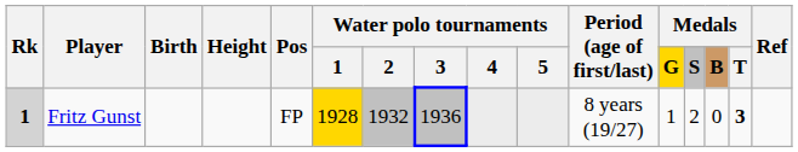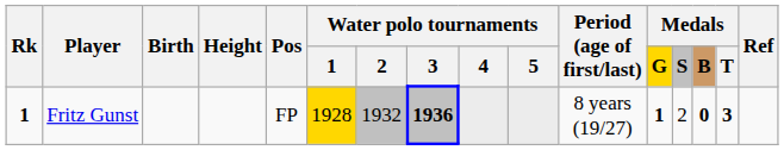 <table class="wikitable sortable" style="text-align: center; font-size: 90%; margin-left: 1em;">
 <tr>
 <th rowspan="2">Rk</th>
 <th rowspan="2">Player</th>
 <th rowspan="2">Birth</th>
 <th rowspan="2">Height</th>
 <th rowspan="2">Pos</th>
 <th colspan="5">Water polo tournaments</th>
 <th rowspan="2">Period<br>(age of<br>first/last)</th>
 <th colspan="4">Medals</th>
 <th rowspan="2" class="unsortable">Ref</th>
 </tr>
 <tr>
 <th>1</th>
 <th style="width: 2em;" class="unsortable">2</th>
 <th style="width: 2em;" class="unsortable">3</th>
 <th style="width: 2em;" class="unsortable">4</th>
 <th style="width: 2em;" class="unsortable">5</th>
 <th style="background-color: gold;">G</th>
 <th style="background-color: silver;">S</th>
 <th style="background-color: #cc9966;">B</th>
 <th>T</th>
 </tr>
 <tr>
-<td style="background: lightgrey;"><strong>1</strong></td>
+<td><strong>1</strong></td>
 <td style="text-align: left;" data-sort-value="Gunst, Fritz"><a href='#'>Fritz Gunst</a></td>
 <td></td>
 <td></td>
 <td>FP</td>
 <td style="background-color: gold;">1928</td>
 <td style="background-color: silver;">1932</td>
-<td style="border: 2px solid blue; background-color: silver;">1936</td>
+<td style="border: 2px solid blue; background-color: silver;"><strong>1936</strong></td>
 <td style="background-color: #ececec;"></td>
 <td style="background-color: #ececec;"></td>
 <td>8 years<br>(19/27)</td>
-<td>1</td>
+<td><strong>1</strong></td>
 <td>2</td>
-<td>0</td>
+<td><strong>0</strong></td>
 <td><strong>3</strong></td>
 <td></td>
 </tr>
 </table>
